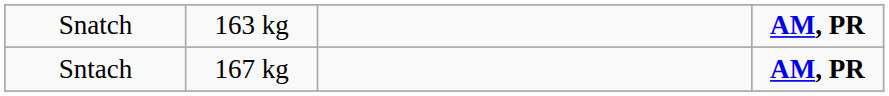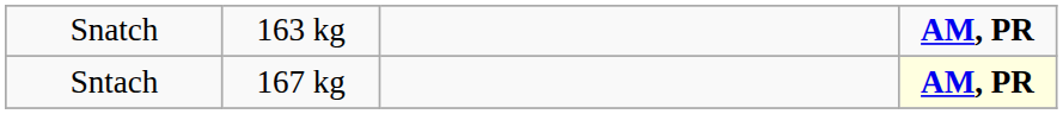 <table class = "wikitable" style="text-align:center;">
 <tr>
 <td width=100>Snatch</td>
 <td width=70>163 kg</td>
 <td width=250></td>
 <td width=70><strong><a href='#'>AM</a>, PR</strong></td>
 </tr>
 <tr>
 <td>Sntach</td>
 <td>167 kg</td>
 <td></td>
-<td><strong><a href='#'>AM</a>, PR</strong></td>
+<td style="background: lightyellow;"><strong><a href='#'>AM</a>, PR</strong></td>
 </tr>
 </table>
